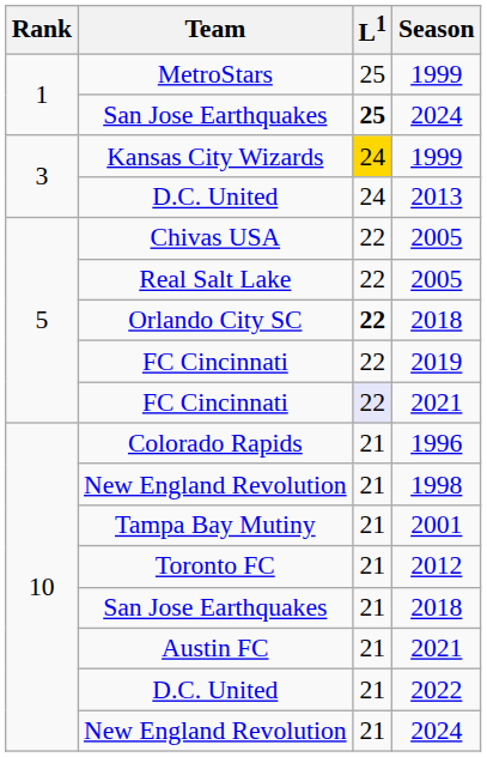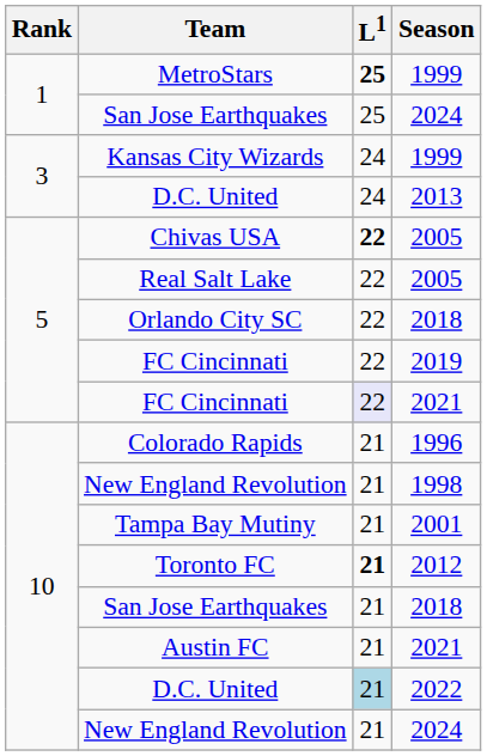 <table class="wikitable sortable" style="text-align:center">
 <tr>
 <th>Rank</th>
 <th>Team</th>
 <th>L<sup>1</sup></th>
 <th>Season</th>
 </tr>
 <tr>
 <td rowspan="2">1</td>
 <td><a href='#'>MetroStars</a></td>
-<td>25</td>
+<td><strong>25</strong></td>
 <td><a href='#'>1999</a></td>
 </tr>
 <tr>
 <td><a href='#'>San Jose Earthquakes</a></td>
-<td><strong>25</strong></td>
+<td>25</td>
 <td><a href='#'>2024</a></td>
 </tr>
 <tr>
 <td rowspan="2">3</td>
 <td><a href='#'>Kansas City Wizards</a></td>
-<td style="background: gold;">24</td>
+<td>24</td>
 <td><a href='#'>1999</a></td>
 </tr>
 <tr>
 <td><a href='#'>D.C. United</a></td>
 <td>24</td>
 <td><a href='#'>2013</a></td>
 </tr>
 <tr>
 <td rowspan="5">5</td>
 <td><a href='#'>Chivas USA</a></td>
-<td>22</td>
+<td><strong>22</strong></td>
 <td><a href='#'>2005</a></td>
 </tr>
 <tr>
 <td><a href='#'>Real Salt Lake</a></td>
 <td>22</td>
 <td><a href='#'>2005</a></td>
 </tr>
 <tr>
 <td><a href='#'>Orlando City SC</a></td>
-<td><strong>22</strong></td>
+<td>22</td>
 <td><a href='#'>2018</a></td>
 </tr>
 <tr>
 <td><a href='#'>FC Cincinnati</a></td>
 <td>22</td>
 <td><a href='#'>2019</a></td>
 </tr>
 <tr>
 <td><a href='#'>FC Cincinnati</a></td>
 <td style="background: lavender;">22</td>
 <td><a href='#'>2021</a></td>
 </tr>
 <tr>
 <td rowspan="8">10</td>
 <td><a href='#'>Colorado Rapids</a></td>
 <td>21</td>
 <td><a href='#'>1996</a></td>
 </tr>
 <tr>
 <td><a href='#'>New England Revolution</a></td>
 <td>21</td>
 <td><a href='#'>1998</a></td>
 </tr>
 <tr>
 <td><a href='#'>Tampa Bay Mutiny</a></td>
 <td>21</td>
 <td><a href='#'>2001</a></td>
 </tr>
 <tr>
 <td><a href='#'>Toronto FC</a></td>
-<td>21</td>
+<td><strong>21</strong></td>
 <td><a href='#'>2012</a></td>
 </tr>
 <tr>
 <td><a href='#'>San Jose Earthquakes</a></td>
 <td>21</td>
 <td><a href='#'>2018</a></td>
 </tr>
 <tr>
 <td><a href='#'>Austin FC</a></td>
 <td>21</td>
 <td><a href='#'>2021</a></td>
 </tr>
 <tr>
 <td><a href='#'>D.C. United</a></td>
-<td>21</td>
+<td style="background: lightblue;">21</td>
 <td><a href='#'>2022</a></td>
 </tr>
 <tr>
 <td><a href='#'>New England Revolution</a></td>
 <td>21</td>
 <td><a href='#'>2024</a></td>
 </tr>
 </table>
